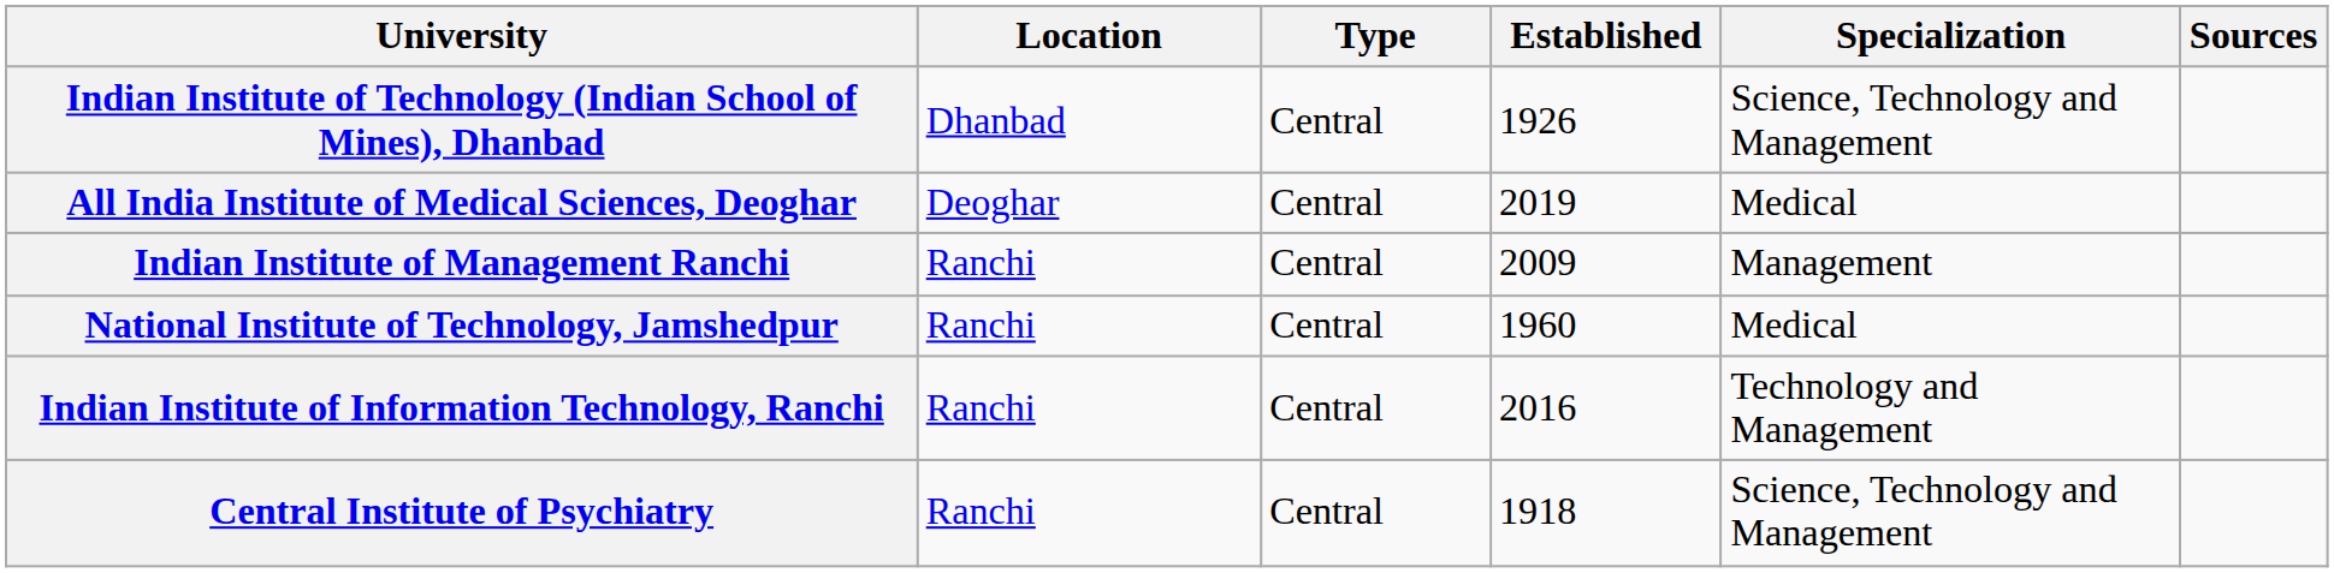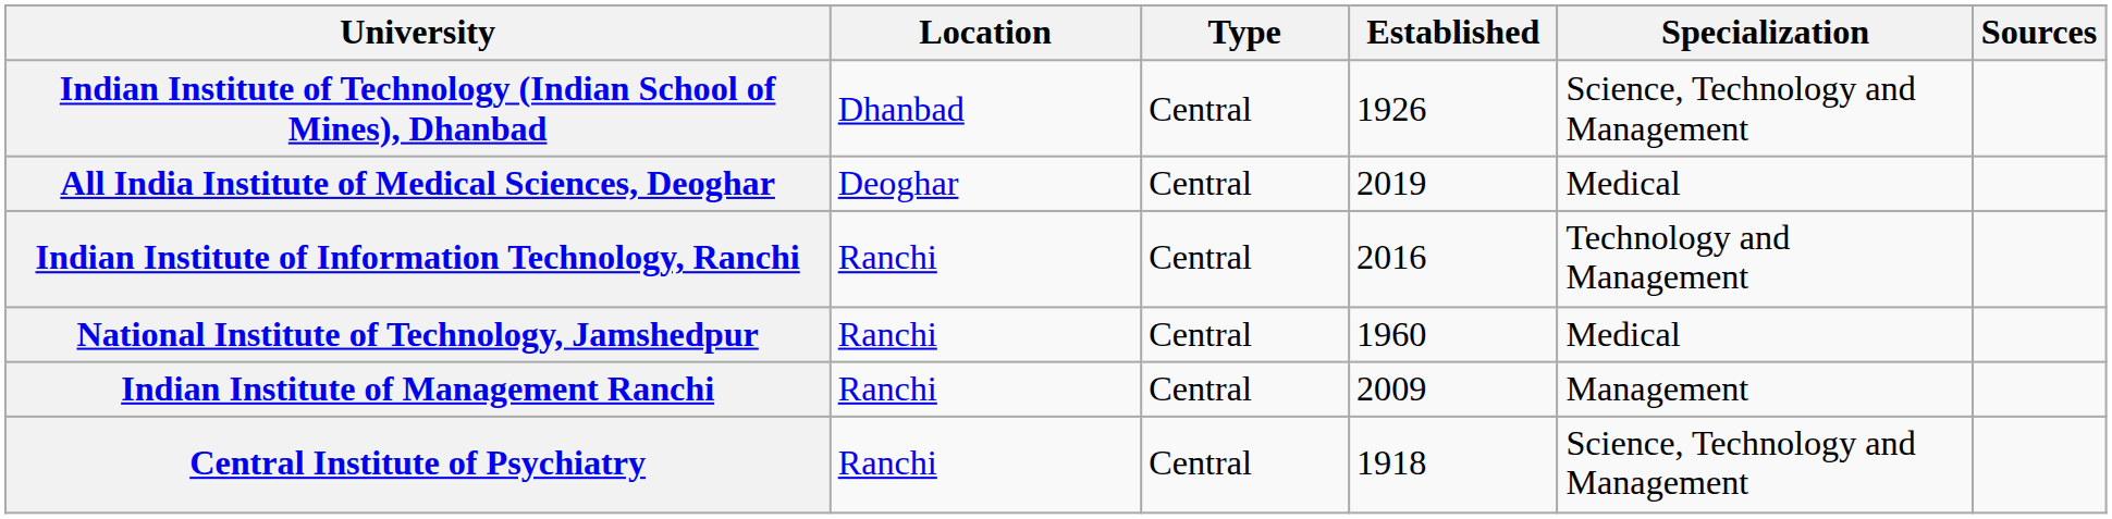 <table class="wikitable sortable collapsible plainrowheaders" style="-align:left; width:76%;">
 <tr>
 <th scope="col" style="width: 40%;">University</th>
 <th scope="col" style="width: 15%;">Location</th>
 <th scope="col" style="width: 10%;">Type</th>
 <th scope="col" style="width: 10%;">Established</th>
 <th scope="col" style="width: 20%;">Specialization</th>
 <th scope="col" style="width: 05%;">Sources</th>
 </tr>
 <tr>
 <th scope="row"><a href='#'>Indian Institute of Technology (Indian School of Mines), Dhanbad</a></th>
 <td><a href='#'>Dhanbad</a></td>
 <td>Central</td>
 <td>1926</td>
 <td>Science, Technology and Management</td>
 <td></td>
 </tr>
 <tr>
 <th scope="row"><a href='#'>All India Institute of Medical Sciences, Deoghar</a></th>
 <td><a href='#'>Deoghar</a></td>
 <td>Central</td>
 <td>2019</td>
 <td>Medical</td>
 <td></td>
 </tr>
 <tr>
-<th scope="row"><a href='#'>Indian Institute of Management Ranchi</a></th>
+<th scope="row"><a href='#'>Indian Institute of Information Technology, Ranchi</a></th>
 <td><a href='#'>Ranchi</a></td>
 <td>Central</td>
-<td>2009</td>
-<td>Management</td>
+<td>2016</td>
+<td>Technology and Management</td>
 <td></td>
 </tr>
 <tr>
 <th scope="row"><a href='#'>National Institute of Technology, Jamshedpur</a></th>
 <td><a href='#'>Ranchi</a></td>
 <td>Central</td>
 <td>1960</td>
 <td>Medical</td>
 <td></td>
 </tr>
 <tr>
-<th scope="row"><a href='#'>Indian Institute of Information Technology, Ranchi</a></th>
+<th scope="row"><a href='#'>Indian Institute of Management Ranchi</a></th>
 <td><a href='#'>Ranchi</a></td>
 <td>Central</td>
-<td>2016</td>
-<td>Technology and Management</td>
+<td>2009</td>
+<td>Management</td>
 <td></td>
 </tr>
 <tr>
 <th scope="row"><a href='#'>Central Institute of Psychiatry</a></th>
 <td><a href='#'>Ranchi</a></td>
 <td>Central</td>
 <td>1918</td>
 <td>Science, Technology and Management</td>
 <td></td>
 </tr>
 </table>
